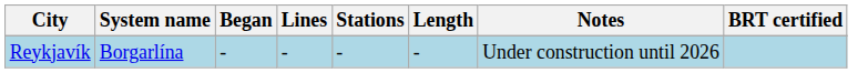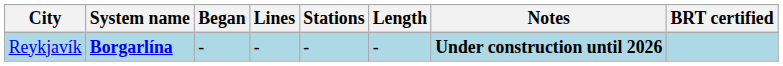 <table class="wikitable">
 <tr>
 <th>City</th>
 <th>System name</th>
 <th>Began</th>
 <th>Lines</th>
 <th>Stations</th>
 <th>Length</th>
 <th>Notes</th>
 <th>BRT certified</th>
 </tr>
 <tr>
 </tr>
 <tr style="background:lightblue;">
 <td><a href='#'>Reykjavík</a></td>
-<td><a href='#'>Borgarlína</a></td>
+<td><strong><a href='#'>Borgarlína</a></strong></td>
 <td>-</td>
 <td>-</td>
 <td>-</td>
 <td>-</td>
-<td>Under construction until 2026</td>
+<td><strong>Under construction until 2026</strong></td>
 <td></td>
 </tr>
 </table>
